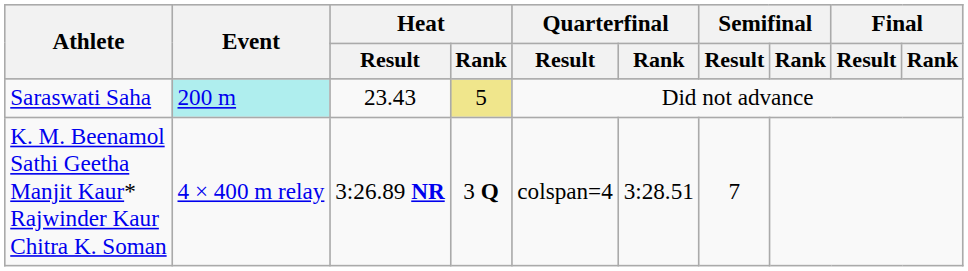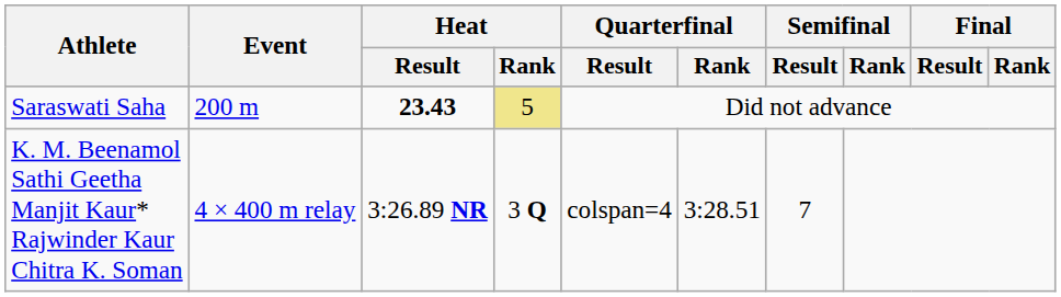 <table class=wikitable style="font-size:90%">
 <tr>
 <th rowspan="2">Athlete</th>
 <th rowspan="2">Event</th>
 <th colspan="2">Heat</th>
 <th colspan="2">Quarterfinal</th>
 <th colspan="2">Semifinal</th>
 <th colspan="2">Final</th>
 </tr>
 <tr style="font-size:95%">
 <th>Result</th>
 <th>Rank</th>
 <th>Result</th>
 <th>Rank</th>
 <th>Result</th>
 <th>Rank</th>
 <th>Result</th>
 <th>Rank</th>
 </tr>
 <tr align=center>
 <td align=left><a href='#'>Saraswati Saha</a></td>
-<td align=left style="background: paleturquoise;"><a href='#'>200 m</a></td>
-<td>23.43</td>
+<td align=left><a href='#'>200 m</a></td>
+<td><strong>23.43</strong></td>
 <td style="background: khaki;">5</td>
 <td colspan=6>Did not advance</td>
 </tr>
 <tr align=center>
 <td align=left><a href='#'>K. M. Beenamol</a><br><a href='#'>Sathi Geetha</a><br><a href='#'>Manjit Kaur</a>*<br><a href='#'>Rajwinder Kaur</a><br><a href='#'>Chitra K. Soman</a></td>
 <td align=left><a href='#'>4 × 400 m relay</a></td>
 <td>3:26.89 <strong><a href='#'>NR</a></strong></td>
 <td>3 <strong>Q</strong></td>
 <td>colspan=4 </td>
 <td>3:28.51</td>
 <td>7</td>
 </tr>
 </table>
